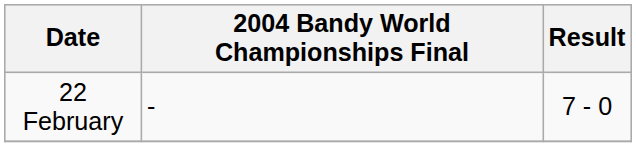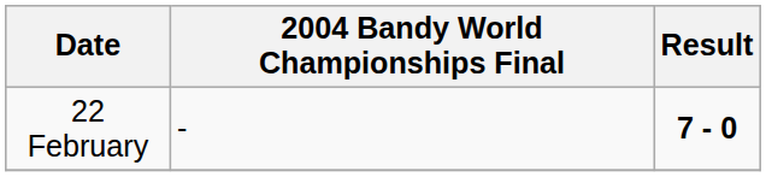 <table class="wikitable" style="text-align:center;" width="400px">
 <tr>
 <th>Date</th>
 <th>2004 Bandy World Championships Final</th>
 <th>Result</th>
 </tr>
 <tr>
 <td>22 February</td>
 <td align="left"><strong></strong> - </td>
-<td>7 - 0</td>
+<td><strong>7 - 0</strong></td>
 </tr>
 <tr>
 </tr>
 </table>
